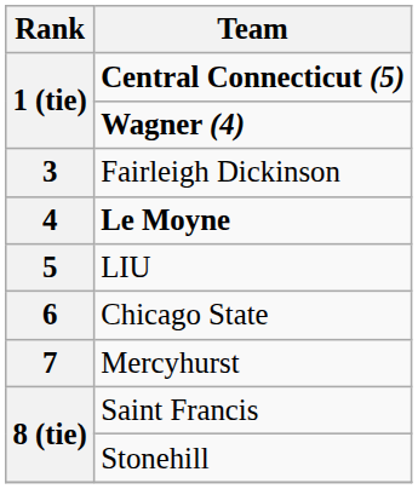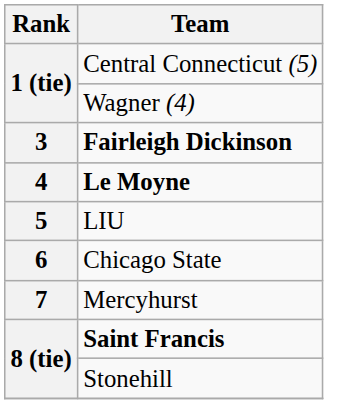 <table class="wikitable">
 <tr>
 <th style=>Rank</th>
 <th style=>Team</th>
 </tr>
 <tr>
 <th rowspan="2">1 (tie)</th>
-<td><strong>Central Connecticut <em>(5)</em></strong></td>
+<td>Central Connecticut <em>(5)</em></td>
 </tr>
 <tr>
-<td><strong>Wagner <em>(4)</em></strong></td>
+<td>Wagner <em>(4)</em></td>
 </tr>
 <tr>
 <th>3</th>
-<td>Fairleigh Dickinson</td>
+<td><strong>Fairleigh Dickinson</strong></td>
 </tr>
 <tr>
 <th>4</th>
 <td><strong>Le Moyne</strong></td>
 </tr>
 <tr>
 <th>5</th>
 <td>LIU</td>
 </tr>
 <tr>
 <th>6</th>
 <td>Chicago State</td>
 </tr>
 <tr>
 <th>7</th>
 <td>Mercyhurst</td>
 </tr>
 <tr>
 <th rowspan="2">8 (tie)</th>
-<td>Saint Francis</td>
+<td><strong>Saint Francis</strong></td>
 </tr>
 <tr>
 <td>Stonehill</td>
 </tr>
 <tr>
 </tr>
 </table>
